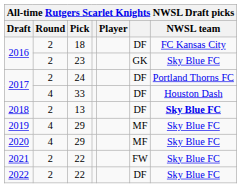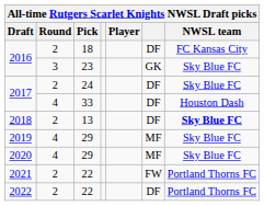 <table class="wikitable sortable" style="text-align: center;">
 <tr>
 <th colspan="7" style="background:#">All-time <a href='#'><span>Rutgers Scarlet Knights</span></a> NWSL Draft picks</th>
 </tr>
 <tr>
 <th scope="col">Draft</th>
 <th scope="col">Round</th>
 <th scope="col">Pick</th>
 <th scope="col"></th>
 <th scope="col">Player</th>
 <th scope="col"></th>
 <th scope="col">NWSL team</th>
 </tr>
 <tr>
 <td rowspan="2"><a href='#'>2016</a></td>
 <td>2</td>
 <td>18</td>
 <td></td>
 <td></td>
 <td>DF</td>
 <td><a href='#'>FC Kansas City</a></td>
 </tr>
 <tr>
-<td>2</td>
+<td>3</td>
 <td>23</td>
 <td></td>
 <td></td>
 <td>GK</td>
 <td><a href='#'>Sky Blue FC</a></td>
 </tr>
 <tr>
 <td rowspan="2"><a href='#'>2017</a></td>
 <td>2</td>
 <td>24</td>
 <td></td>
 <td></td>
 <td>DF</td>
-<td><a href='#'>Portland Thorns FC</a></td>
+<td><a href='#'>Sky Blue FC</a></td>
 </tr>
 <tr>
 <td>4</td>
 <td>33</td>
 <td></td>
 <td></td>
 <td>DF</td>
 <td><a href='#'>Houston Dash</a></td>
 </tr>
 <tr>
 <td><a href='#'>2018</a></td>
 <td>2</td>
 <td>13</td>
 <td></td>
 <td></td>
 <td>DF</td>
 <td><strong><a href='#'>Sky Blue FC</a></strong></td>
 </tr>
 <tr>
 <td><a href='#'>2019</a></td>
 <td>4</td>
 <td>29</td>
 <td></td>
 <td></td>
 <td>MF</td>
 <td><a href='#'>Sky Blue FC</a></td>
 </tr>
 <tr>
 <td><a href='#'>2020</a></td>
 <td>4</td>
 <td>29</td>
 <td></td>
 <td></td>
 <td>MF</td>
 <td><a href='#'>Sky Blue FC</a></td>
 </tr>
 <tr>
 <td><a href='#'>2021</a></td>
 <td>2</td>
 <td>22</td>
 <td></td>
 <td></td>
 <td>FW</td>
-<td><a href='#'>Sky Blue FC</a></td>
+<td><a href='#'>Portland Thorns FC</a></td>
 </tr>
 <tr>
 <td><a href='#'>2022</a></td>
 <td>2</td>
 <td>22</td>
 <td></td>
 <td></td>
 <td>DF</td>
-<td><a href='#'>Sky Blue FC</a></td>
+<td><a href='#'>Portland Thorns FC</a></td>
 </tr>
 </table>
